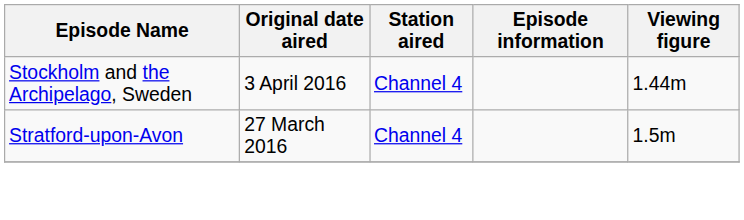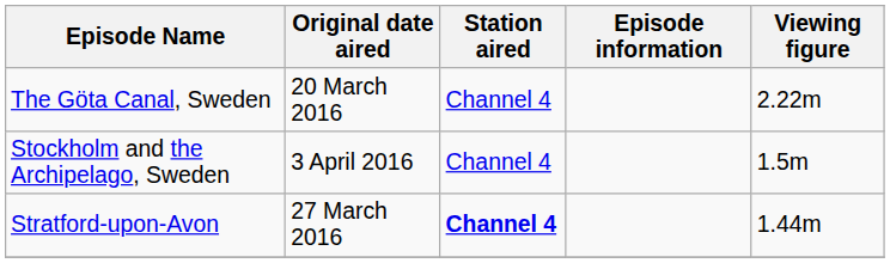 <table class="wikitable sortable">
 <tr>
 <th>Episode Name</th>
 <th>Original date aired</th>
 <th>Station aired</th>
 <th>Episode information</th>
 <th>Viewing figure</th>
 </tr>
 <tr>
+<td><a href='#'>The Göta Canal</a>, Sweden</td>
+<td>20 March 2016</td>
+<td><a href='#'>Channel 4</a></td>
+<td></td>
+<td>2.22m</td>
+</tr>
+<tr>
 <td><a href='#'>Stockholm</a> and <a href='#'>the Archipelago</a>, Sweden</td>
 <td>3 April 2016</td>
-<td><a href='#'>Channel 4</a></td>
-<td></td>
-<td>1.44m</td>
-</tr>
-<tr>
-<td><a href='#'>Stratford-upon-Avon</a></td>
-<td>27 March 2016</td>
 <td><a href='#'>Channel 4</a></td>
 <td></td>
 <td>1.5m</td>
 </tr>
 <tr>
+<td><a href='#'>Stratford-upon-Avon</a></td>
+<td>27 March 2016</td>
+<td><strong><a href='#'>Channel 4</a></strong></td>
+<td></td>
+<td>1.44m</td>
+</tr>
+<tr>
 </tr>
 </table>
